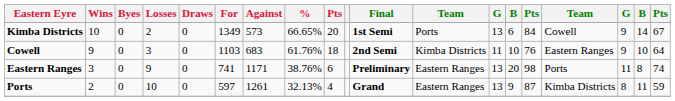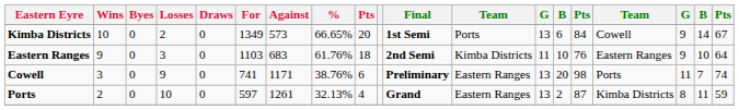 <table style="font-size: 85%; text-align: left;" class="wikitable">
 <tr>
 <th style="color:crimson">Eastern Eyre</th>
 <th style="color:crimson">Wins</th>
 <th style="color:crimson">Byes</th>
 <th style="color:crimson">Losses</th>
 <th style="color:crimson">Draws</th>
 <th style="color:crimson">For</th>
 <th style="color:crimson">Against</th>
 <th style="color:crimson">%</th>
 <th style="color:crimson">Pts</th>
 <th></th>
 <th style="color:green">Final</th>
 <th style="color:green">Team</th>
 <th style="color:green">G</th>
 <th style="color:green">B</th>
 <th style="color:green">Pts</th>
 <th style="color:green">Team</th>
 <th style="color:green">G</th>
 <th style="color:green">B</th>
 <th style="color:green">Pts</th>
 </tr>
 <tr>
 </tr>
 <tr>
 </tr>
 <tr>
 <td><strong>	Kimba Districts	</strong></td>
 <td>10</td>
 <td>0</td>
 <td>2</td>
 <td>0</td>
 <td>1349</td>
 <td>573</td>
 <td>66.65%</td>
 <td>20</td>
 <td></td>
 <td><strong>1st Semi</strong></td>
 <td>Ports</td>
 <td>13</td>
 <td>6</td>
 <td>84</td>
 <td>Cowell</td>
 <td>9</td>
 <td>14</td>
 <td>67</td>
 </tr>
 <tr>
-<td><strong>	Cowell	</strong></td>
+<td><strong>	Eastern Ranges	</strong></td>
 <td>9</td>
 <td>0</td>
 <td>3</td>
 <td>0</td>
 <td>1103</td>
 <td>683</td>
 <td>61.76%</td>
 <td>18</td>
 <td></td>
 <td><strong>2nd Semi</strong></td>
 <td>Kimba Districts</td>
 <td>11</td>
 <td>10</td>
 <td>76</td>
 <td>Eastern Ranges</td>
 <td>9</td>
 <td>10</td>
 <td>64</td>
 </tr>
 <tr ||>
-<td><strong>	Eastern Ranges	</strong></td>
+<td><strong>	Cowell	</strong></td>
 <td>3</td>
 <td>0</td>
 <td>9</td>
 <td>0</td>
 <td>741</td>
 <td>1171</td>
 <td>38.76%</td>
 <td>6</td>
 <td></td>
 <td><strong>Preliminary</strong></td>
 <td>Eastern Ranges</td>
 <td>13</td>
 <td>20</td>
 <td>98</td>
 <td>Ports</td>
 <td>11</td>
-<td>8</td>
+<td>7</td>
 <td>74</td>
 </tr>
 <tr>
 <td><strong>	Ports	</strong></td>
 <td>2</td>
 <td>0</td>
 <td>10</td>
 <td>0</td>
 <td>597</td>
 <td>1261</td>
 <td>32.13%</td>
 <td>4</td>
 <td></td>
 <td><strong>Grand</strong></td>
 <td>Eastern Ranges</td>
 <td>13</td>
-<td>9</td>
+<td>2</td>
 <td>87</td>
 <td>Kimba Districts</td>
 <td>8</td>
 <td>11</td>
 <td>59</td>
 </tr>
 <tr>
 </tr>
 </table>
